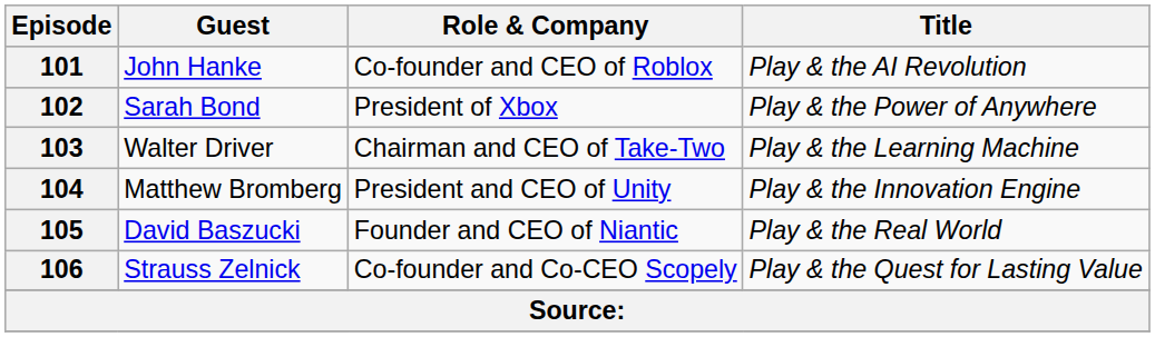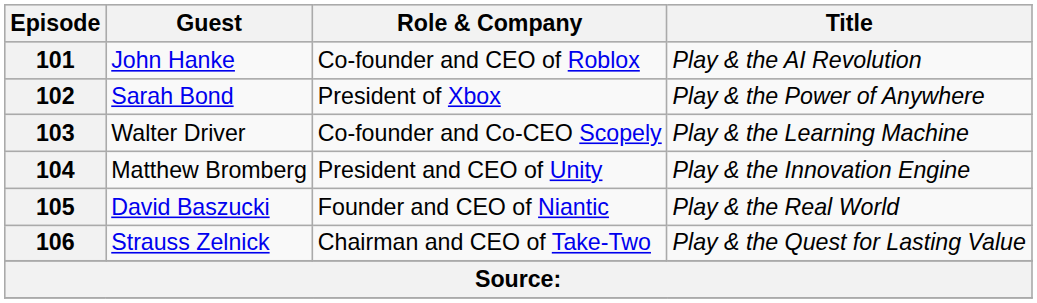 <table class="wikitable" style="text-align:center; font-size:90%">
 <tr>
 <th>Episode</th>
 <th>Guest</th>
 <th>Role & Company</th>
 <th>Title</th>
 </tr>
 <tr>
 <th>101</th>
 <td align="left"><a href='#'>John Hanke</a></td>
 <td align="left">Co-founder and CEO of <a href='#'>Roblox</a></td>
 <td align="left"><em>Play & the AI Revolution</em></td>
 </tr>
 <tr>
 <th>102</th>
 <td align="left"><a href='#'>Sarah Bond</a></td>
 <td align="left">President of <a href='#'>Xbox</a></td>
 <td align="left"><em>Play & the Power of Anywhere</em></td>
 </tr>
 <tr>
 <th>103</th>
 <td align="left">Walter Driver</td>
-<td align="left">Chairman and CEO of <a href='#'>Take-Two</a></td>
+<td align="left">Co-founder and Co-CEO <a href='#'>Scopely</a></td>
 <td align="left"><em>Play & the Learning Machine</em></td>
 </tr>
 <tr>
 <th>104</th>
 <td align="left">Matthew Bromberg</td>
 <td align="left">President and CEO of <a href='#'>Unity</a></td>
 <td align="left"><em>Play & the Innovation Engine</em></td>
 </tr>
 <tr>
 <th>105</th>
 <td align="left"><a href='#'>David Baszucki</a></td>
 <td align="left">Founder and CEO of <a href='#'>Niantic</a></td>
 <td align="left"><em>Play & the Real World</em></td>
 </tr>
 <tr>
 <th>106</th>
 <td align="left"><a href='#'>Strauss Zelnick</a></td>
-<td align="left">Co-founder and Co-CEO <a href='#'>Scopely</a></td>
+<td align="left">Chairman and CEO of <a href='#'>Take-Two</a></td>
 <td align="left"><em>Play & the Quest for Lasting Value</em></td>
 </tr>
 <tr>
 </tr>
 <tr>
 </tr>
 <tr>
 <th colspan="4">Source:</th>
 </tr>
 <tr>
 </tr>
 </table>
